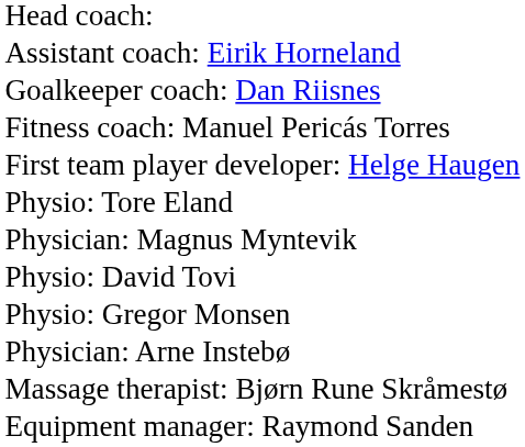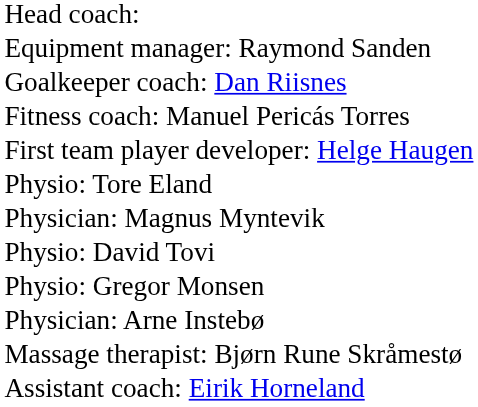 <table cellpadding="0" cellspacing="2">
 <tr>
 <td>Head coach:</td>
 </tr>
 <tr>
-<td>Assistant coach: <a href='#'>Eirik Horneland</a></td>
+<td>Equipment manager: Raymond Sanden</td>
 </tr>
 <tr>
 <td>Goalkeeper coach: <a href='#'>Dan Riisnes</a></td>
 </tr>
 <tr>
 <td>Fitness coach: Manuel Pericás Torres</td>
 </tr>
 <tr>
 <td>First team player developer: <a href='#'>Helge Haugen</a></td>
 </tr>
 <tr>
 <td>Physio: Tore Eland</td>
 </tr>
 <tr>
 <td>Physician: Magnus Myntevik</td>
 </tr>
 <tr>
 <td>Physio: David Tovi</td>
 </tr>
 <tr>
 <td>Physio: Gregor Monsen</td>
 </tr>
 <tr>
 <td>Physician: Arne Instebø</td>
 </tr>
 <tr>
 <td>Massage therapist: Bjørn Rune Skråmestø</td>
 </tr>
 <tr>
-<td>Equipment manager: Raymond Sanden</td>
+<td>Assistant coach: <a href='#'>Eirik Horneland</a></td>
 </tr>
 </table>
